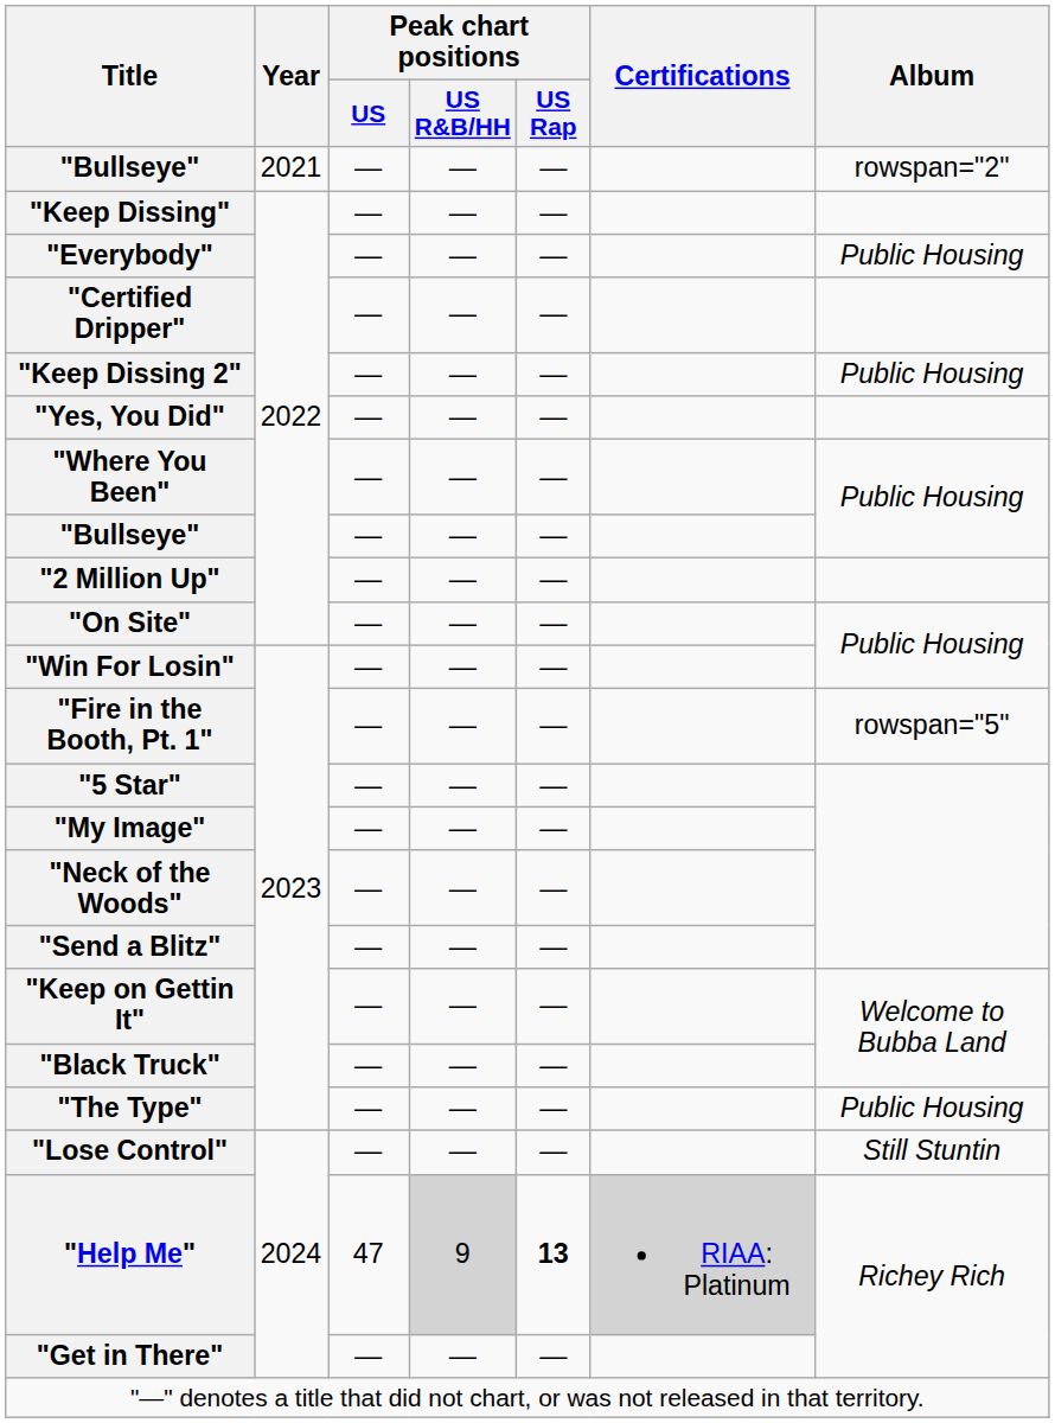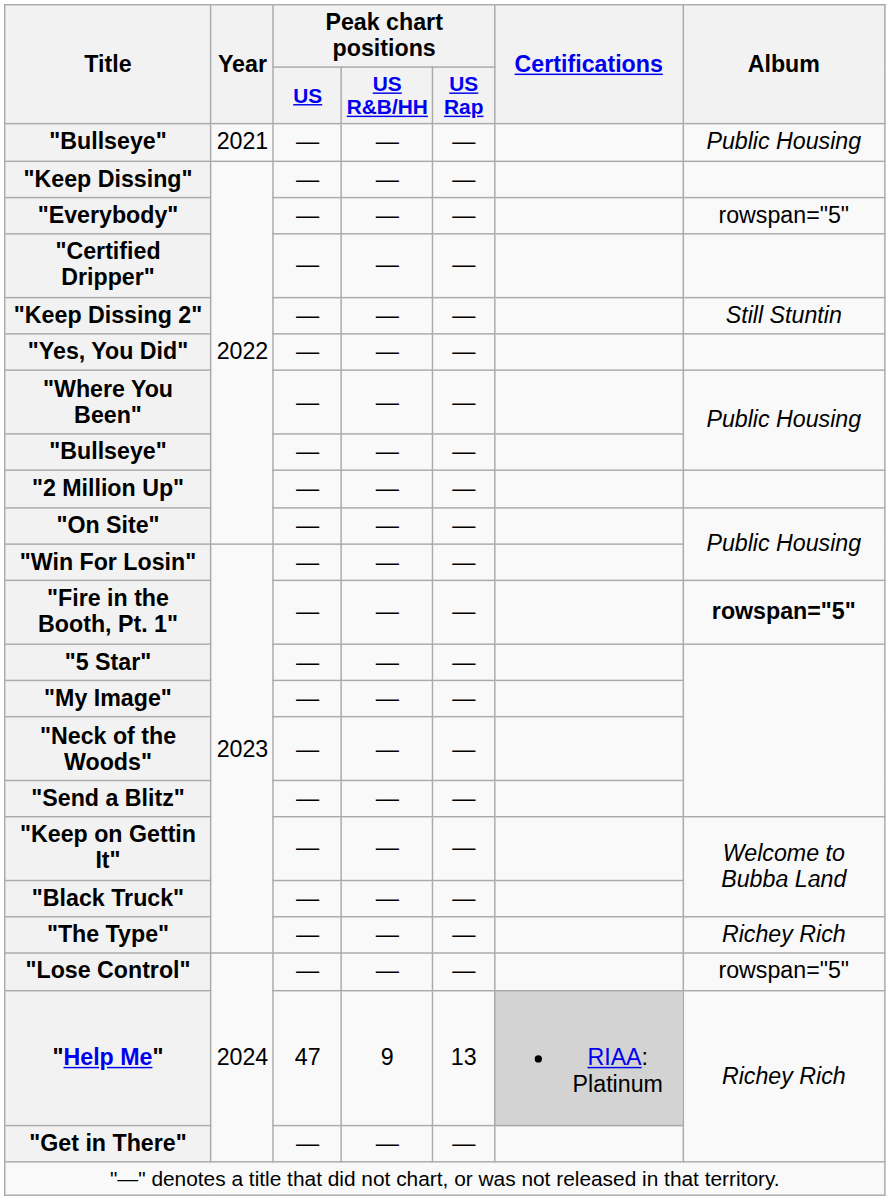 <table class="wikitable plainrowheaders" style="text-align:center">
 <tr>
 <th scope="col" rowspan="2">Title</th>
 <th scope="col" rowspan="2">Year</th>
 <th scope="col" colspan="3">Peak chart positions</th>
 <th rowspan="2"><a href='#'>Certifications</a></th>
 <th rowspan="2" scope="col">Album</th>
 </tr>
 <tr>
 <th scope="col" style="width:2.8em;font-size:90%;"><a href='#'>US</a><br></th>
 <th scope="col" style="width:2.8em;font-size:90%;"><a href='#'>US<br>R&B/HH</a><br></th>
 <th scope="col" style="width:2.5em;font-size:90%;"><a href='#'>US<br>Rap</a><br></th>
 </tr>
 <tr>
 <th scope="row">"Bullseye"</th>
 <td>2021</td>
 <td>—</td>
 <td>—</td>
 <td>—</td>
 <td></td>
-<td>rowspan="2" </td>
+<td><em>Public Housing</em></td>
 </tr>
 <tr>
 <th scope="row">"Keep Dissing"</th>
 <td rowspan="9">2022</td>
 <td>—</td>
 <td>—</td>
 <td>—</td>
 <td></td>
 </tr>
 <tr>
 <th scope="row">"Everybody"</th>
 <td>—</td>
 <td>—</td>
 <td>—</td>
 <td></td>
-<td><em>Public Housing</em></td>
+<td>rowspan="5" </td>
 </tr>
 <tr>
 <th scope="row">"Certified Dripper"</th>
 <td>—</td>
 <td>—</td>
 <td>—</td>
 <td></td>
 <td></td>
 </tr>
 <tr>
 <th scope="row">"Keep Dissing 2"<br></th>
 <td>—</td>
 <td>—</td>
 <td>—</td>
 <td></td>
-<td><em>Public Housing</em></td>
+<td><em>Still Stuntin</em></td>
 </tr>
 <tr>
 <th scope="row">"Yes, You Did"</th>
 <td>—</td>
 <td>—</td>
 <td>—</td>
 <td></td>
 <td></td>
 </tr>
 <tr>
 <th scope="row">"Where You Been"</th>
 <td>—</td>
 <td>—</td>
 <td>—</td>
 <td></td>
 <td rowspan="2"><em>Public Housing</em></td>
 </tr>
 <tr>
 <th scope="row">"Bullseye"<br></th>
 <td>—</td>
 <td>—</td>
 <td>—</td>
 <td></td>
 </tr>
 <tr>
 <th scope="row">"2 Million Up"<br></th>
 <td>—</td>
 <td>—</td>
 <td>—</td>
 <td></td>
 <td></td>
 </tr>
 <tr>
 <th scope="row">"On Site"</th>
 <td>—</td>
 <td>—</td>
 <td>—</td>
 <td></td>
 <td rowspan="2"><em>Public Housing</em></td>
 </tr>
 <tr>
 <th scope="row">"Win For Losin"</th>
 <td rowspan="9">2023</td>
 <td>—</td>
 <td>—</td>
 <td>—</td>
 <td></td>
 </tr>
 <tr>
 <th scope="row">"Fire in the Booth, Pt. 1"<br></th>
 <td>—</td>
 <td>—</td>
 <td>—</td>
 <td></td>
-<td>rowspan="5" </td>
+<td><strong>rowspan="5" </strong></td>
 </tr>
 <tr>
 <th scope="row">"5 Star"</th>
 <td>—</td>
 <td>—</td>
 <td>—</td>
 <td></td>
 </tr>
 <tr>
 <th scope="row">"My Image"</th>
 <td>—</td>
 <td>—</td>
 <td>—</td>
 <td></td>
 </tr>
 <tr>
 <th scope="row">"Neck of the Woods"</th>
 <td>—</td>
 <td>—</td>
 <td>—</td>
 <td></td>
 </tr>
 <tr>
 <th scope="row">"Send a Blitz"</th>
 <td>—</td>
 <td>—</td>
 <td>—</td>
 <td></td>
 </tr>
 <tr>
 <th scope="row">"Keep on Gettin It"</th>
 <td>—</td>
 <td>—</td>
 <td>—</td>
 <td></td>
 <td rowspan="2"><em>Welcome to Bubba Land</em></td>
 </tr>
 <tr>
 <th scope="row">"Black Truck"</th>
 <td>—</td>
 <td>—</td>
 <td>—</td>
 <td></td>
 </tr>
 <tr>
 <th scope="row">"The Type"<br></th>
 <td>—</td>
 <td>—</td>
 <td>—</td>
 <td></td>
-<td><em>Public Housing</em></td>
+<td><em>Richey Rich</em></td>
 </tr>
 <tr>
 <th scope="row">"Lose Control"<br></th>
 <td rowspan="3">2024</td>
 <td>—</td>
 <td>—</td>
 <td>—</td>
 <td></td>
-<td><em>Still Stuntin</em></td>
+<td>rowspan="5" </td>
 </tr>
 <tr>
 <th scope="row">"<a href='#'>Help Me</a>"</th>
 <td>47</td>
-<td style="background: lightgrey;">9</td>
-<td><strong>13</strong></td>
+<td>9</td>
+<td>13</td>
 <td style="background: lightgrey;"><br><ul><li><a href='#'>RIAA</a>: Platinum</li></ul></td>
 <td rowspan="2"><em>Richey Rich</em></td>
 </tr>
 <tr>
 <th scope="row">"Get in There"<br></th>
 <td>—</td>
 <td>—</td>
 <td>—</td>
 <td></td>
 </tr>
 <tr>
 <td colspan="16" style="font-size:90%">"—" denotes a title that did not chart, or was not released in that territory.</td>
 </tr>
 </table>
